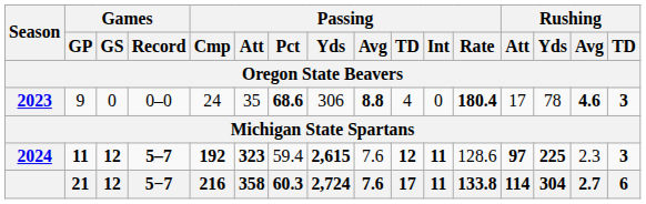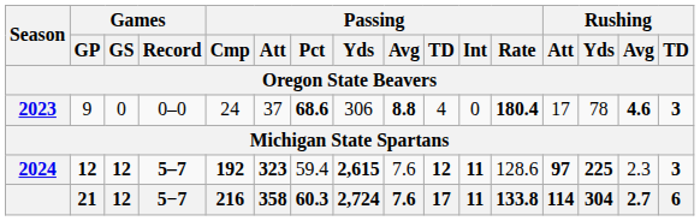 <table class=wikitable style="text-align:center;">
 <tr>
 <th rowspan="2">Season</th>
 <th colspan="3">Games</th>
 <th colspan="8">Passing</th>
 <th colspan="5">Rushing</th>
 </tr>
 <tr>
 <th>GP</th>
 <th>GS</th>
 <th>Record</th>
 <th>Cmp</th>
 <th>Att</th>
 <th>Pct</th>
 <th>Yds</th>
 <th>Avg</th>
 <th>TD</th>
 <th>Int</th>
 <th>Rate</th>
 <th>Att</th>
 <th>Yds</th>
 <th>Avg</th>
 <th>TD</th>
 </tr>
 <tr>
 <th colspan="16">Oregon State Beavers</th>
 </tr>
 <tr>
 <th><a href='#'>2023</a></th>
 <td>9</td>
 <td>0</td>
 <td>0–0</td>
 <td>24</td>
-<td>35</td>
+<td>37</td>
 <td><strong>68.6</strong></td>
 <td>306</td>
 <td><strong>8.8</strong></td>
 <td>4</td>
 <td>0</td>
 <td><strong>180.4</strong></td>
 <td>17</td>
 <td>78</td>
 <td><strong>4.6</strong></td>
 <td><strong>3</strong></td>
 </tr>
 <tr>
 <th colspan="16">Michigan State Spartans</th>
 </tr>
 <tr>
 <th><a href='#'>2024</a></th>
-<td><strong>11</strong></td>
+<td><strong>12</strong></td>
 <td><strong>12</strong></td>
 <td><strong>5–7</strong></td>
 <td><strong>192</strong></td>
 <td><strong>323</strong></td>
 <td>59.4</td>
 <td><strong>2,615</strong></td>
 <td>7.6</td>
 <td><strong>12</strong></td>
 <td><strong>11</strong></td>
 <td>128.6</td>
 <td><strong>97</strong></td>
 <td><strong>225</strong></td>
 <td>2.3</td>
 <td><strong>3</strong></td>
 </tr>
 <tr>
 <th></th>
 <th>21</th>
 <th>12</th>
 <th>5−7</th>
 <th>216</th>
 <th>358</th>
 <th>60.3</th>
 <th>2,724</th>
 <th>7.6</th>
 <th>17</th>
 <th>11</th>
 <th>133.8</th>
 <th>114</th>
 <th>304</th>
 <th>2.7</th>
 <th>6</th>
 </tr>
 </table>
